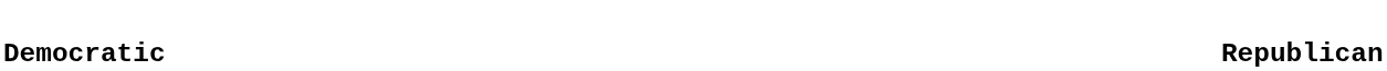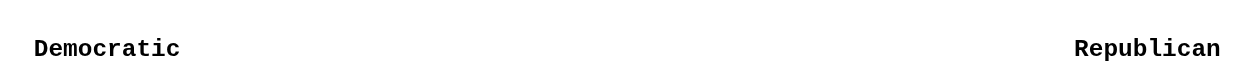 <table style="width:70%; text-align:center">
 <tr style="color:white">
 <td style="background:"><strong>263</strong></td>
-<td style="background:"><strong>1</strong></td>
 <td style="background:"><strong>171</strong></td>
 </tr>
 <tr>
 <td><span><strong>Democratic</strong></span></td>
-<td></td>
 <td><span><strong>Republican</strong></span></td>
 </tr>
 </table>
